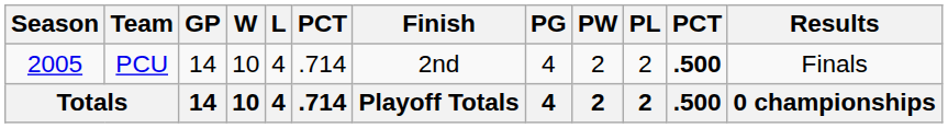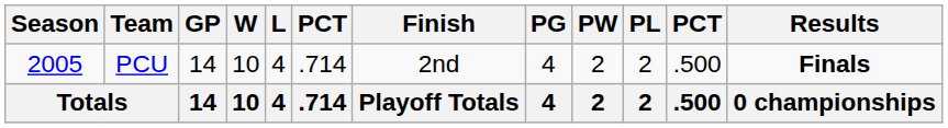 <table class="wikitable" style="text-align:center">
 <tr>
 <th>Season</th>
 <th>Team</th>
 <th>GP</th>
 <th>W</th>
 <th>L</th>
 <th>PCT</th>
 <th>Finish</th>
 <th>PG</th>
 <th>PW</th>
 <th>PL</th>
 <th>PCT</th>
 <th>Results</th>
 </tr>
 <tr>
 <td><a href='#'>2005</a></td>
 <td><a href='#'>PCU</a></td>
 <td>14</td>
 <td>10</td>
 <td>4</td>
 <td>.714</td>
 <td>2nd</td>
 <td>4</td>
 <td>2</td>
 <td>2</td>
-<td><strong>.500</strong></td>
-<td>Finals</td>
+<td>.500</td>
+<td><strong>Finals</strong></td>
 </tr>
 <tr>
 <th colspan="2">Totals</th>
 <th>14</th>
 <th>10</th>
 <th>4</th>
 <th>.714</th>
 <th>Playoff Totals</th>
 <th>4</th>
 <th>2</th>
 <th>2</th>
 <th>.500</th>
 <th>0 championships</th>
 </tr>
 </table>
